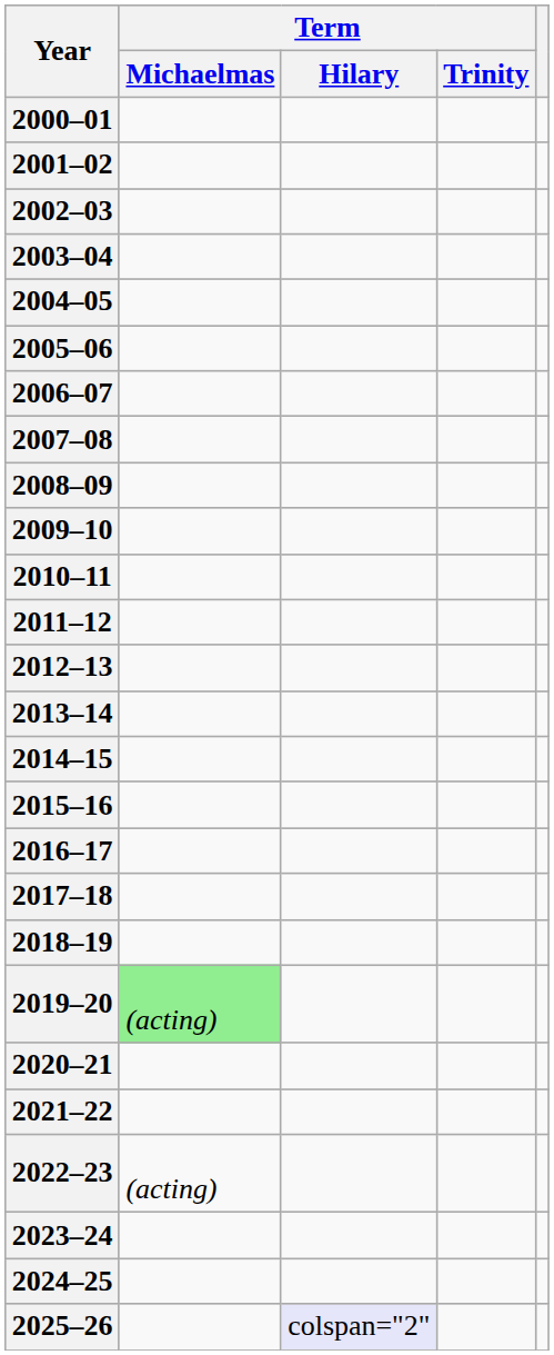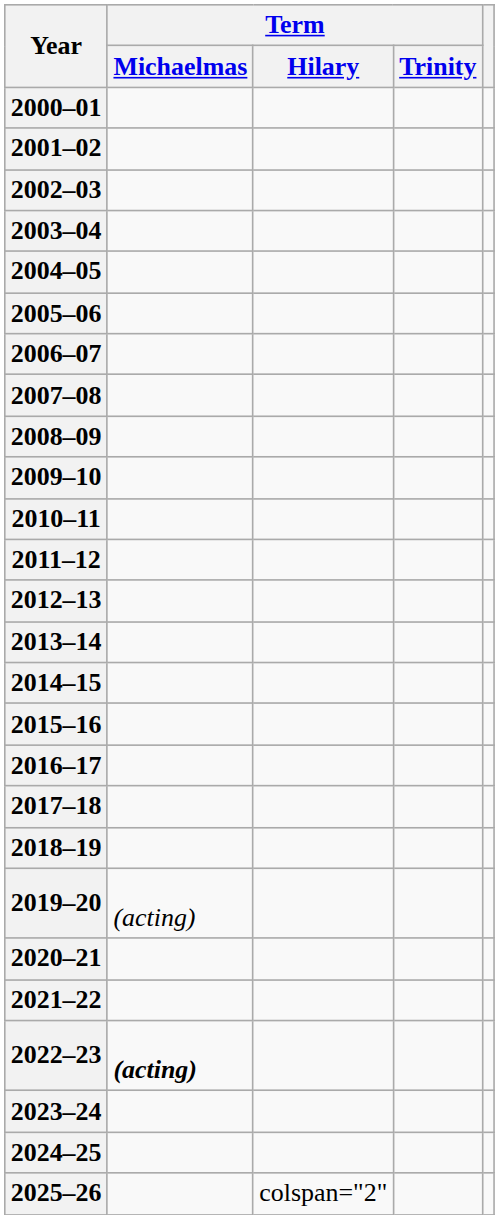 <table class="wikitable sortable" style="text-align:left;">
 <tr>
 <th rowspan="2">Year</th>
 <th colspan="3"><a href='#'>Term</a></th>
 <th rowspan="2" class="unsortable"></th>
 </tr>
 <tr>
 <th><a href='#'>Michaelmas</a></th>
 <th><a href='#'>Hilary</a></th>
 <th><a href='#'>Trinity</a></th>
 </tr>
 <tr>
 <th nowrap>2000–01</th>
 <td></td>
 <td></td>
 <td></td>
 <td></td>
 </tr>
 <tr>
 <th nowrap>2001–02</th>
 <td></td>
 <td></td>
 <td></td>
 <td></td>
 </tr>
 <tr>
 <th nowrap>2002–03</th>
 <td></td>
 <td></td>
 <td></td>
 <td></td>
 </tr>
 <tr>
 <th nowrap>2003–04</th>
 <td></td>
 <td></td>
 <td></td>
 <td></td>
 </tr>
 <tr>
 <th nowrap>2004–05</th>
 <td></td>
 <td></td>
 <td></td>
 <td></td>
 </tr>
 <tr>
 <th nowrap>2005–06</th>
 <td></td>
 <td></td>
 <td></td>
 <td></td>
 </tr>
 <tr>
 <th nowrap>2006–07</th>
 <td></td>
 <td></td>
 <td></td>
 <td></td>
 </tr>
 <tr>
 <th nowrap>2007–08</th>
 <td></td>
 <td></td>
 <td></td>
 <td></td>
 </tr>
 <tr>
 <th nowrap>2008–09</th>
 <td></td>
 <td></td>
 <td></td>
 <td></td>
 </tr>
 <tr>
 <th nowrap>2009–10</th>
 <td></td>
 <td></td>
 <td></td>
 <td></td>
 </tr>
 <tr>
 <th nowrap>2010–11</th>
 <td></td>
 <td></td>
 <td></td>
 <td></td>
 </tr>
 <tr>
 <th nowrap>2011–12</th>
 <td></td>
 <td></td>
 <td></td>
 <td></td>
 </tr>
 <tr>
 <th nowrap>2012–13</th>
 <td></td>
 <td></td>
 <td></td>
 <td></td>
 </tr>
 <tr>
 <th nowrap>2013–14</th>
 <td></td>
 <td></td>
 <td></td>
 <td></td>
 </tr>
 <tr>
 <th nowrap>2014–15</th>
 <td></td>
 <td></td>
 <td></td>
 <td></td>
 </tr>
 <tr>
 <th nowrap>2015–16</th>
 <td></td>
 <td></td>
 <td></td>
 <td></td>
 </tr>
 <tr>
 <th nowrap>2016–17</th>
 <td></td>
 <td></td>
 <td></td>
 <td></td>
 </tr>
 <tr>
 <th nowrap>2017–18</th>
 <td></td>
 <td></td>
 <td></td>
 <td></td>
 </tr>
 <tr>
 <th nowrap>2018–19</th>
 <td></td>
 <td></td>
 <td></td>
 <td></td>
 </tr>
 <tr>
 <th nowrap>2019–20</th>
-<td style="background: lightgreen;"><br> <em>(acting)</em></td>
+<td><br> <em>(acting)</em></td>
 <td></td>
 <td></td>
 <td></td>
 </tr>
 <tr>
 <th nowrap>2020–21</th>
 <td></td>
 <td></td>
 <td></td>
 <td></td>
 </tr>
 <tr>
 <th nowrap>2021–22</th>
 <td></td>
 <td></td>
 <td></td>
 <td></td>
 </tr>
 <tr>
 <th nowrap>2022–23</th>
-<td><br> <em>(acting)</em></td>
+<td><strong><br> <em>(acting)</em></strong></td>
 <td></td>
 <td></td>
 <td></td>
 </tr>
 <tr>
 <th nowrap>2023–24</th>
 <td></td>
 <td></td>
 <td></td>
 <td></td>
 </tr>
 <tr>
 <th nowrap>2024–25</th>
 <td></td>
 <td></td>
 <td></td>
 <td></td>
 </tr>
 <tr>
 <th nowrap>2025–26</th>
 <td></td>
-<td style="background: lavender;">colspan="2" </td>
+<td>colspan="2" </td>
 <td></td>
 </tr>
 </table>
